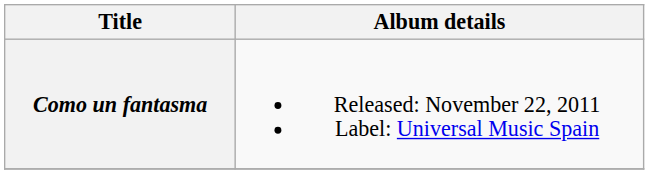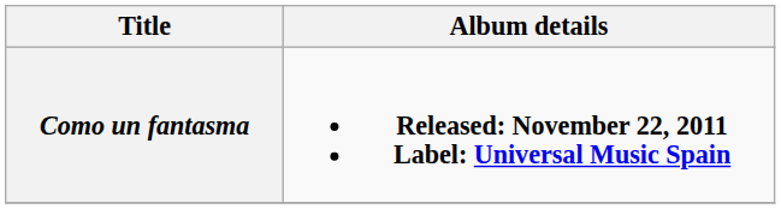 <table class="wikitable plainrowheaders" style="text-align:center;">
 <tr>
 <th scope="col" style="width:10em;">Title</th>
 <th scope="col" style="width:18em;">Album details</th>
 </tr>
 <tr>
 <th scope="row"><em>Como un fantasma</em></th>
-<td><br><ul><li>Released: November 22, 2011</li><li>Label: <a href='#'>Universal Music Spain</a></li></ul></td>
+<td><strong><br><ul><li>Released: November 22, 2011</li><li>Label: <a href='#'>Universal Music Spain</a></li></ul></strong></td>
 </tr>
 <tr>
 </tr>
 </table>
